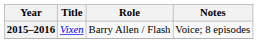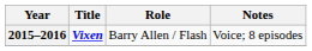 <table class="wikitable plainrowheaders sortable">
 <tr>
 <th scope="col">Year</th>
 <th scope="col">Title</th>
 <th scope="col">Role</th>
 <th scope="col" class="unsortable">Notes</th>
 </tr>
 <tr>
 <th scope="row">2015–2016</th>
-<td><em><a href='#'>Vixen</a></em></td>
+<td><strong><em><a href='#'>Vixen</a></em></strong></td>
 <td>Barry Allen / Flash</td>
 <td>Voice; 8 episodes</td>
 </tr>
 <tr>
 </tr>
 </table>
